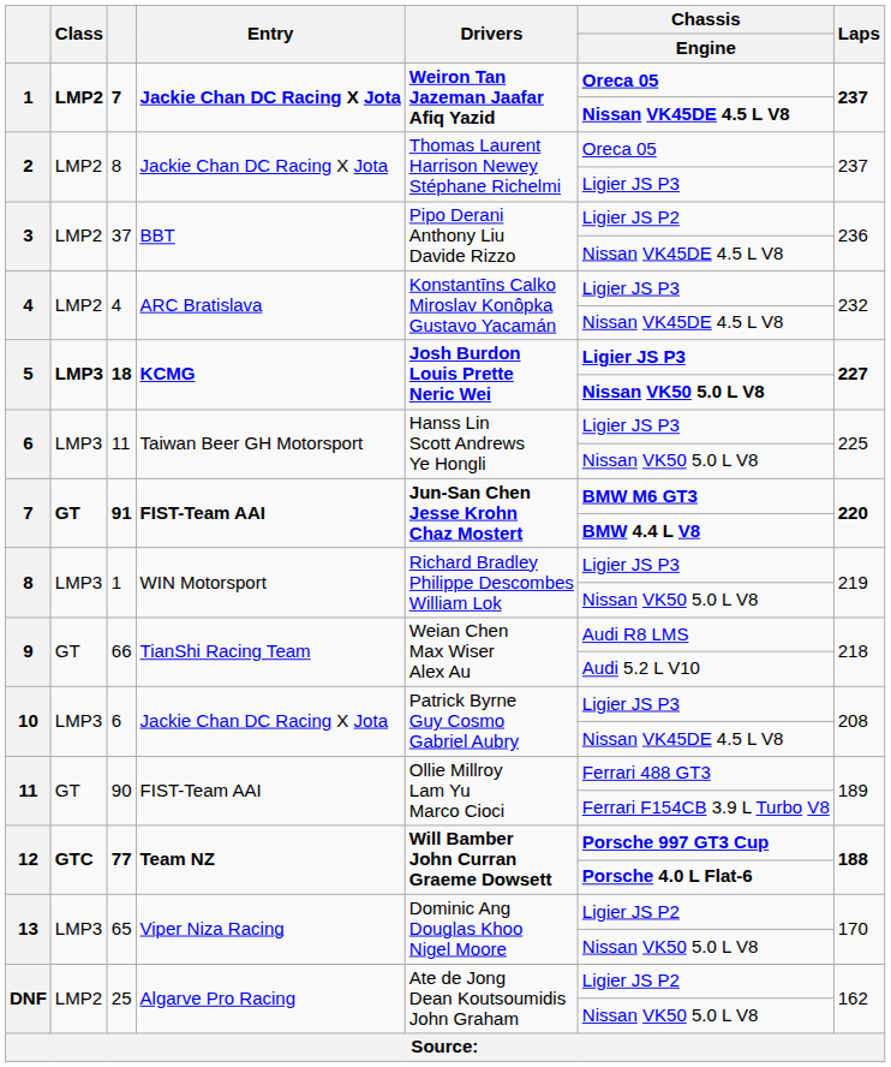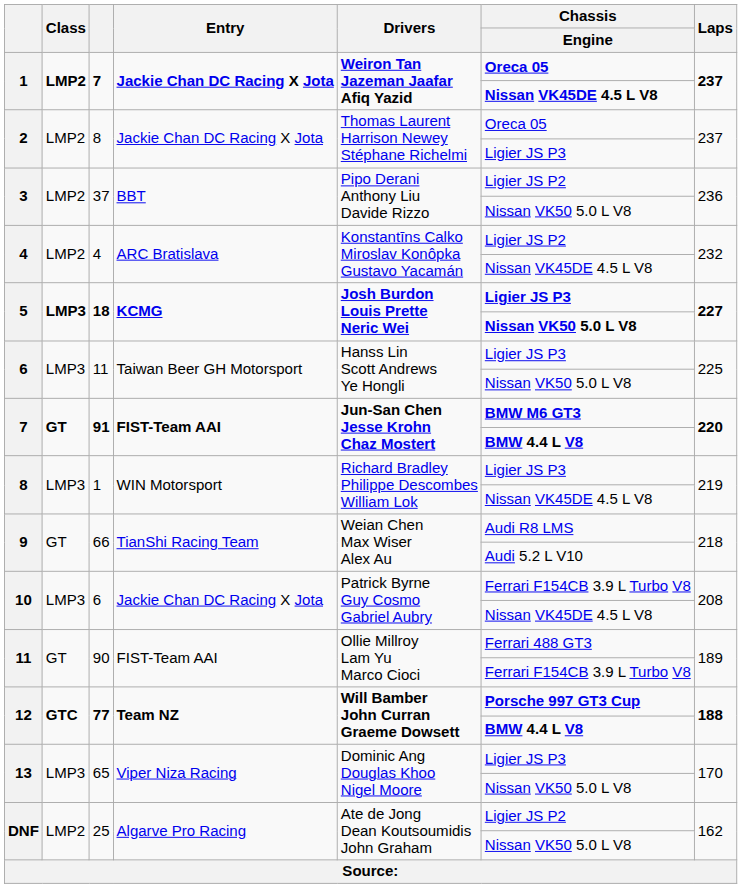 <table class="wikitable">
 <tr>
 <th rowspan="2"></th>
 <th rowspan="2">Class</th>
 <th rowspan="2"></th>
 <th rowspan="2">Entry</th>
 <th rowspan="2">Drivers</th>
 <th>Chassis</th>
 <th rowspan="2">Laps</th>
 </tr>
 <tr>
 <th>Engine</th>
 </tr>
 <tr>
 <th rowspan="2">1</th>
 <td rowspan="2"><strong>LMP2</strong></td>
 <td rowspan="2"><strong>7</strong></td>
 <td rowspan="2"><strong> <a href='#'>Jackie Chan DC Racing</a> X <a href='#'>Jota</a></strong></td>
 <td rowspan="2"><strong> <a href='#'>Weiron Tan</a><br> <a href='#'>Jazeman Jaafar</a></strong><br><strong> Afiq Yazid</strong></td>
 <td><strong><a href='#'>Oreca 05</a></strong></td>
 <td rowspan="2"><strong>237</strong></td>
 </tr>
 <tr>
 <td><strong><a href='#'>Nissan</a> <a href='#'>VK45DE</a> 4.5 L V8</strong></td>
 </tr>
 <tr>
 <th rowspan="2">2</th>
 <td rowspan="2">LMP2</td>
 <td rowspan="2">8</td>
 <td rowspan="2"> <a href='#'>Jackie Chan DC Racing</a> X <a href='#'>Jota</a></td>
 <td rowspan="2"> <a href='#'>Thomas Laurent</a><br> <a href='#'>Harrison Newey</a><br> <a href='#'>Stéphane Richelmi</a></td>
 <td><a href='#'>Oreca 05</a></td>
 <td rowspan="2">237</td>
 </tr>
 <tr>
 <td><a href='#'>Ligier JS P3</a></td>
 </tr>
 <tr>
 <th rowspan="2">3</th>
 <td rowspan="2">LMP2</td>
 <td rowspan="2">37</td>
 <td rowspan="2"> <a href='#'>BBT</a></td>
 <td rowspan="2"> <a href='#'>Pipo Derani</a><br> Anthony Liu<br> Davide Rizzo</td>
 <td><a href='#'>Ligier JS P2</a></td>
 <td rowspan="2">236</td>
 </tr>
 <tr>
-<td><a href='#'>Nissan</a> <a href='#'>VK45DE</a> 4.5 L V8</td>
+<td><a href='#'>Nissan</a> <a href='#'>VK50</a> 5.0 L V8</td>
 </tr>
 <tr>
 <th rowspan="2">4</th>
 <td rowspan="2">LMP2</td>
 <td rowspan="2">4</td>
 <td rowspan="2"> <a href='#'>ARC Bratislava</a></td>
 <td rowspan="2"> <a href='#'>Konstantīns Calko</a><br> <a href='#'>Miroslav Konôpka</a><br> <a href='#'>Gustavo Yacamán</a></td>
-<td><a href='#'>Ligier JS P3</a></td>
+<td><a href='#'>Ligier JS P2</a></td>
 <td rowspan="2">232</td>
 </tr>
 <tr>
 <td><a href='#'>Nissan</a> <a href='#'>VK45DE</a> 4.5 L V8</td>
 </tr>
 <tr>
 <th rowspan="2">5</th>
 <td rowspan="2"><strong>LMP3</strong></td>
 <td rowspan="2"><strong>18</strong></td>
 <td rowspan="2"><strong> <a href='#'>KCMG</a></strong></td>
 <td rowspan="2"><strong> <a href='#'>Josh Burdon</a><br> <a href='#'>Louis Prette</a><br> <a href='#'>Neric Wei</a></strong></td>
 <td><strong><a href='#'>Ligier JS P3</a></strong></td>
 <td rowspan="2"><strong>227</strong></td>
 </tr>
 <tr>
 <td><strong><a href='#'>Nissan</a> <a href='#'>VK50</a> 5.0 L V8</strong></td>
 </tr>
 <tr>
 <th rowspan="2">6</th>
 <td rowspan="2">LMP3</td>
 <td rowspan="2">11</td>
 <td rowspan="2"> Taiwan Beer GH Motorsport</td>
 <td rowspan="2"> Hanss Lin<br> Scott Andrews<br> Ye Hongli</td>
 <td><a href='#'>Ligier JS P3</a></td>
 <td rowspan="2">225</td>
 </tr>
 <tr>
 <td><a href='#'>Nissan</a> <a href='#'>VK50</a> 5.0 L V8</td>
 </tr>
 <tr>
 <th rowspan="2">7</th>
 <td rowspan="2"><strong>GT</strong></td>
 <td rowspan="2"><strong>91</strong></td>
 <td rowspan="2"><strong> FIST-Team AAI</strong></td>
 <td rowspan="2"><strong> Jun-San Chen<br> <a href='#'>Jesse Krohn</a><br> <a href='#'>Chaz Mostert</a></strong></td>
 <td><a href='#'><strong>BMW M6 GT3</strong></a></td>
 <td rowspan="2"><strong>220</strong></td>
 </tr>
 <tr>
 <td><strong><a href='#'>BMW</a> 4.4 L <a href='#'>V8</a></strong></td>
 </tr>
 <tr>
 <th rowspan="2">8</th>
 <td rowspan="2">LMP3</td>
 <td rowspan="2">1</td>
 <td rowspan="2"> WIN Motorsport</td>
 <td rowspan="2"> <a href='#'>Richard Bradley</a><br> <a href='#'>Philippe Descombes</a><br> <a href='#'>William Lok</a></td>
 <td><a href='#'>Ligier JS P3</a></td>
 <td rowspan="2">219</td>
 </tr>
 <tr>
-<td><a href='#'>Nissan</a> <a href='#'>VK50</a> 5.0 L V8</td>
+<td><a href='#'>Nissan</a> <a href='#'>VK45DE</a> 4.5 L V8</td>
 </tr>
 <tr>
 <th rowspan="2">9</th>
 <td rowspan="2">GT</td>
 <td rowspan="2">66</td>
 <td rowspan="2"> <a href='#'>TianShi Racing Team</a></td>
 <td rowspan="2"> Weian Chen<br> Max Wiser<br> Alex Au</td>
 <td><a href='#'>Audi R8 LMS</a></td>
 <td rowspan="2">218</td>
 </tr>
 <tr>
 <td><a href='#'>Audi</a> 5.2 L V10</td>
 </tr>
 <tr>
 <th rowspan="2">10</th>
 <td rowspan="2">LMP3</td>
 <td rowspan="2">6</td>
 <td rowspan="2"> <a href='#'>Jackie Chan DC Racing</a> X <a href='#'>Jota</a></td>
 <td rowspan="2"> Patrick Byrne<br> <a href='#'>Guy Cosmo</a><br> <a href='#'>Gabriel Aubry</a></td>
-<td><a href='#'>Ligier JS P3</a></td>
+<td><a href='#'>Ferrari F154CB</a> 3.9 L <a href='#'>Turbo</a> <a href='#'>V8</a></td>
 <td rowspan="2">208</td>
 </tr>
 <tr>
 <td><a href='#'>Nissan</a> <a href='#'>VK45DE</a> 4.5 L V8</td>
 </tr>
 <tr>
 <th rowspan="2">11</th>
 <td rowspan="2">GT</td>
 <td rowspan="2">90</td>
 <td rowspan="2"> FIST-Team AAI</td>
 <td rowspan="2"> Ollie Millroy<br> Lam Yu<br> Marco Cioci</td>
 <td><a href='#'>Ferrari 488 GT3</a></td>
 <td rowspan="2">189</td>
 </tr>
 <tr>
 <td><a href='#'>Ferrari F154CB</a> 3.9 L <a href='#'>Turbo</a> <a href='#'>V8</a></td>
 </tr>
 <tr>
 <th rowspan="2">12</th>
 <td rowspan="2"><strong>GTC</strong></td>
 <td rowspan="2"><strong>77</strong></td>
 <td rowspan="2"><strong> Team NZ</strong></td>
 <td rowspan="2"><strong> Will Bamber</strong><br><strong> John Curran</strong><br><strong> Graeme Dowsett</strong></td>
 <td><a href='#'><strong>Porsche 997 GT3 Cup</strong></a></td>
 <td rowspan="2"><strong>188</strong></td>
 </tr>
 <tr>
-<td><strong><a href='#'>Porsche</a> 4.0 L Flat-6</strong></td>
+<td><strong><a href='#'>BMW</a> 4.4 L <a href='#'>V8</a></strong></td>
 </tr>
 <tr>
 <th rowspan="2">13</th>
 <td rowspan="2">LMP3</td>
 <td rowspan="2">65</td>
 <td rowspan="2"> <a href='#'>Viper Niza Racing</a></td>
 <td rowspan="2"> Dominic Ang<br> <a href='#'>Douglas Khoo</a><br> <a href='#'>Nigel Moore</a></td>
-<td><a href='#'>Ligier JS P2</a></td>
+<td><a href='#'>Ligier JS P3</a></td>
 <td rowspan="2">170</td>
 </tr>
 <tr>
 <td><a href='#'>Nissan</a> <a href='#'>VK50</a> 5.0 L V8</td>
 </tr>
 <tr>
 <th rowspan="2">DNF</th>
 <td rowspan="2">LMP2</td>
 <td rowspan="2">25</td>
 <td rowspan="2"> <a href='#'>Algarve Pro Racing</a></td>
 <td rowspan="2"> Ate de Jong<br> Dean Koutsoumidis<br> John Graham</td>
 <td><a href='#'>Ligier JS P2</a></td>
 <td rowspan="2">162</td>
 </tr>
 <tr>
 <td><a href='#'>Nissan</a> <a href='#'>VK50</a> 5.0 L V8</td>
 </tr>
 <tr>
 <th colspan="7">Source:</th>
 </tr>
 </table>
